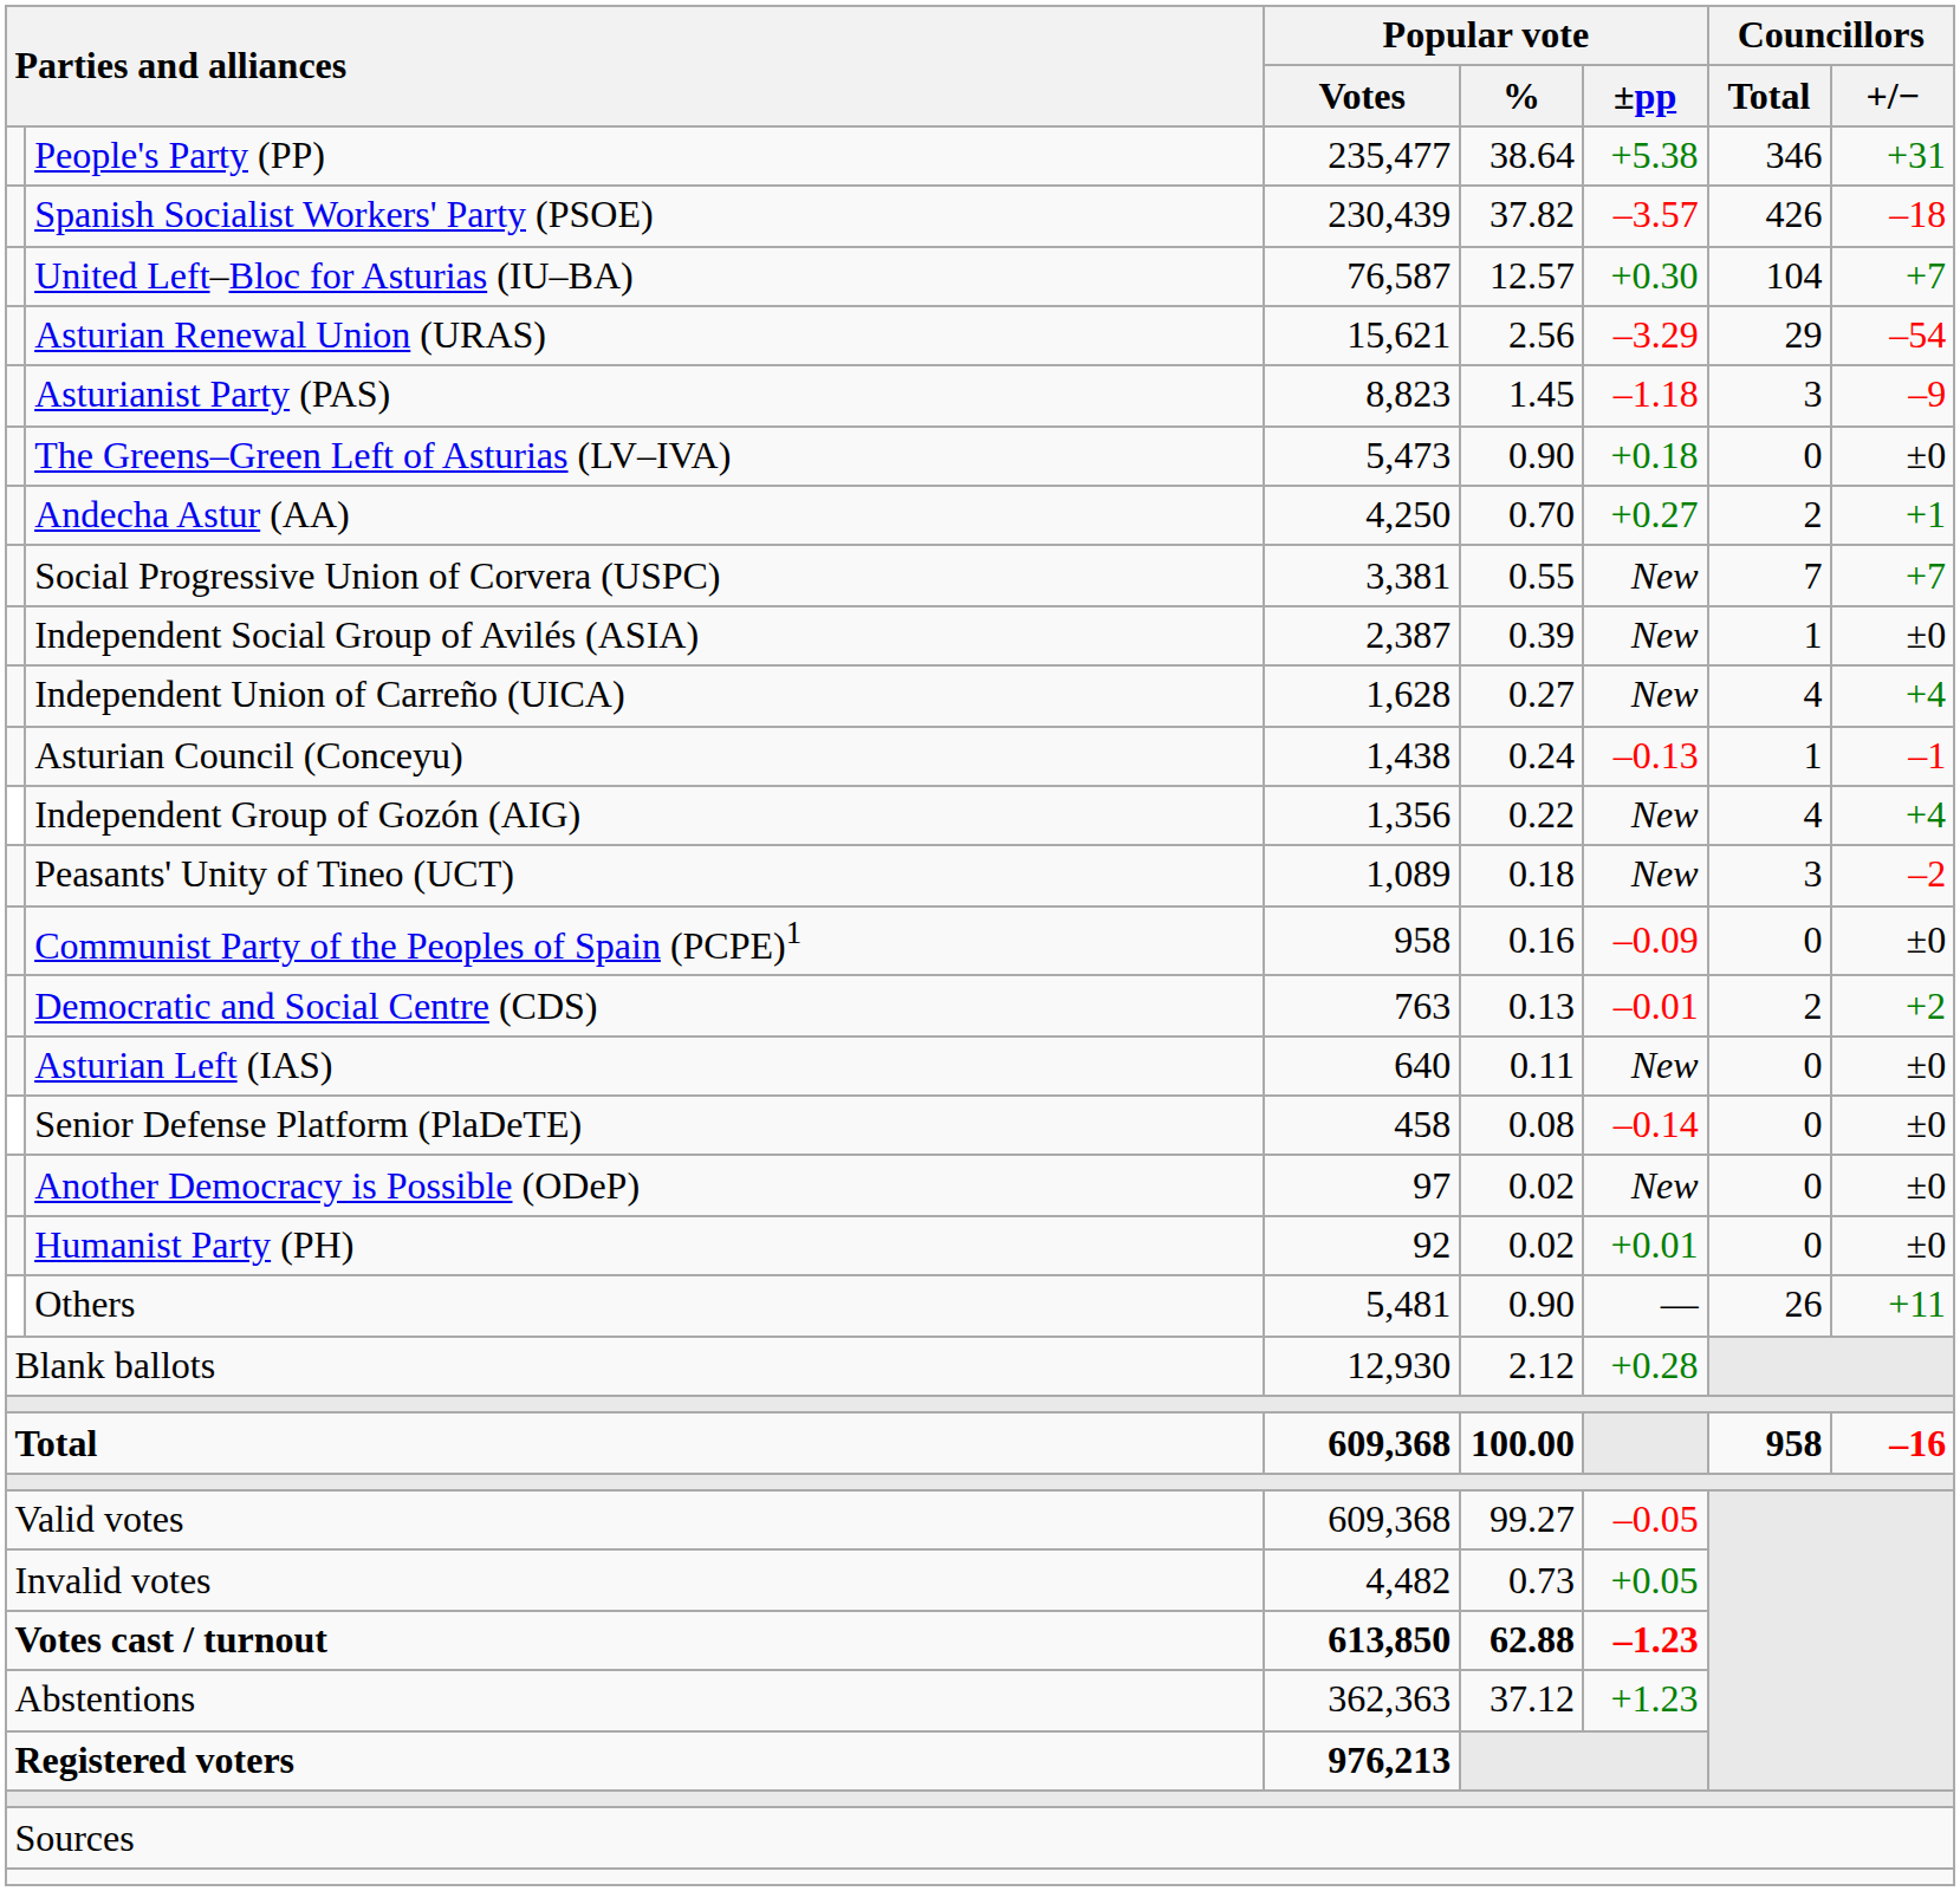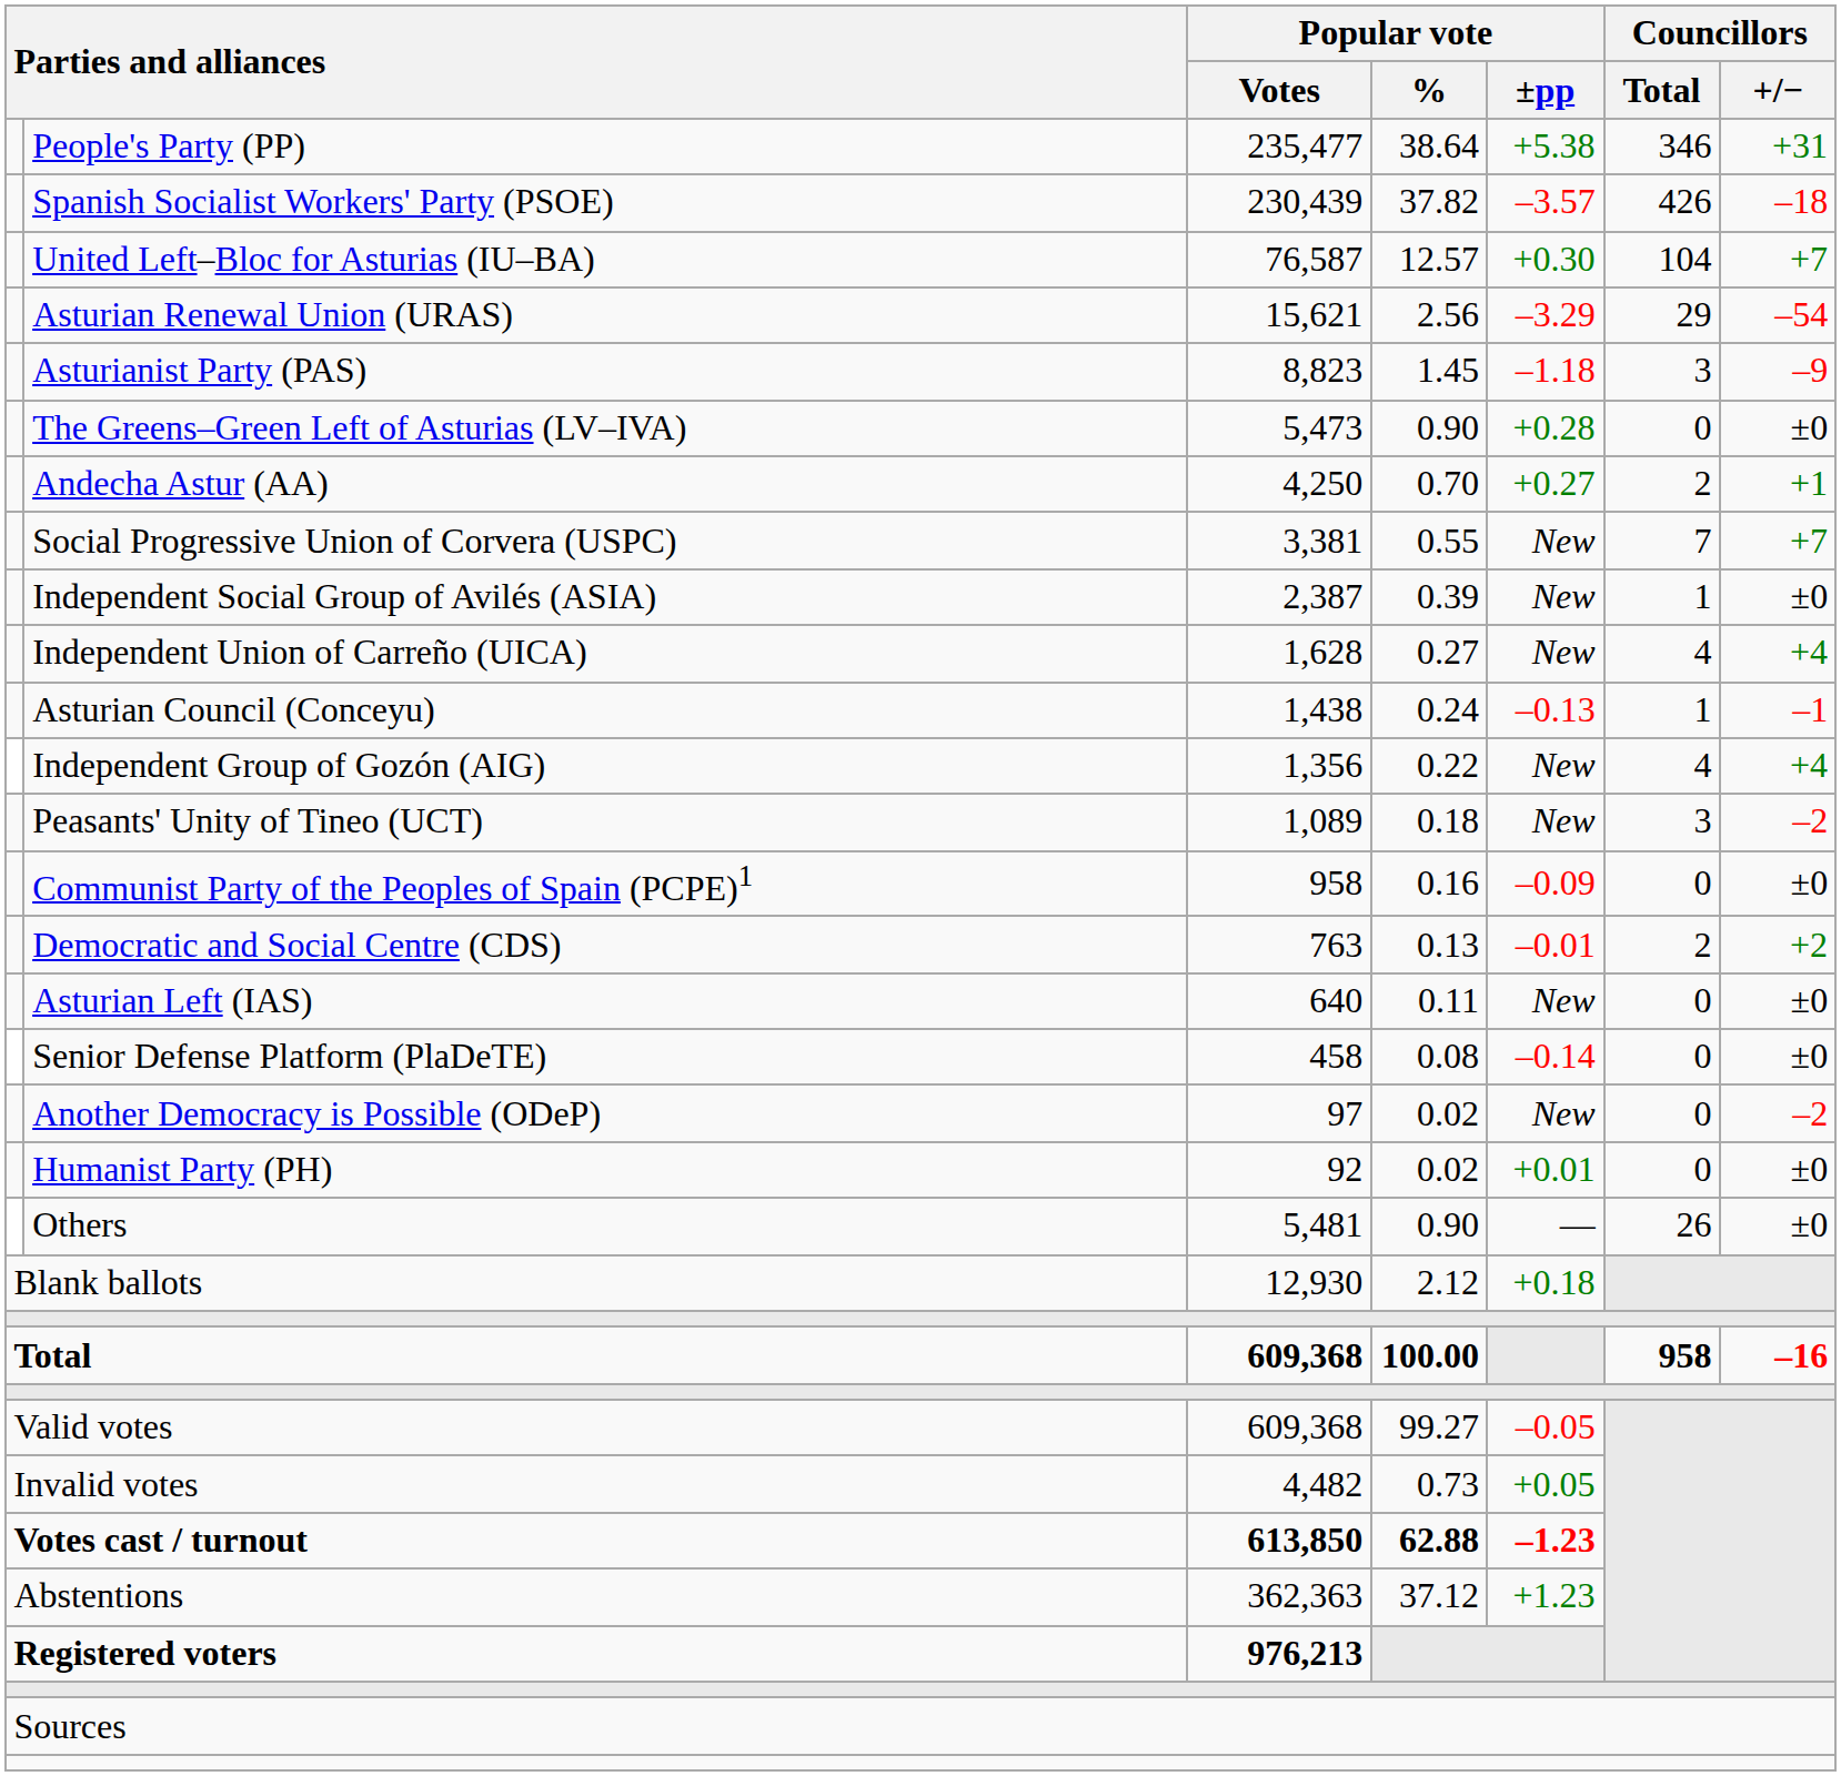 <table class="wikitable" style="text-align:right;">
 <tr>
 <th style="text-align:left;" rowspan="2" colspan="2" width="525">Parties and alliances</th>
 <th colspan="3">Popular vote</th>
 <th colspan="2">Councillors</th>
 </tr>
 <tr>
 <th width="75">Votes</th>
 <th width="45">%</th>
 <th width="45">±<a href='#'>pp</a></th>
 <th width="45">Total</th>
 <th width="45">+/−</th>
 </tr>
 <tr>
 <td width="1" style="color:inherit;background:"></td>
 <td align="left"><a href='#'>People's Party</a> (PP)</td>
 <td>235,477</td>
 <td>38.64</td>
 <td style="color:green;">+5.38</td>
 <td>346</td>
 <td style="color:green;">+31</td>
 </tr>
 <tr>
 <td style="color:inherit;background:"></td>
 <td align="left"><a href='#'>Spanish Socialist Workers' Party</a> (PSOE)</td>
 <td>230,439</td>
 <td>37.82</td>
 <td style="color:red;">–3.57</td>
 <td>426</td>
 <td style="color:red;">–18</td>
 </tr>
 <tr>
 <td style="color:inherit;background:"></td>
 <td align="left"><a href='#'>United Left</a>–<a href='#'>Bloc for Asturias</a> (IU–BA)</td>
 <td>76,587</td>
 <td>12.57</td>
 <td style="color:green;">+0.30</td>
 <td>104</td>
 <td style="color:green;">+7</td>
 </tr>
 <tr>
 <td style="color:inherit;background:"></td>
 <td align="left"><a href='#'>Asturian Renewal Union</a> (URAS)</td>
 <td>15,621</td>
 <td>2.56</td>
 <td style="color:red;">–3.29</td>
 <td>29</td>
 <td style="color:red;">–54</td>
 </tr>
 <tr>
 <td style="color:inherit;background:"></td>
 <td align="left"><a href='#'>Asturianist Party</a> (PAS)</td>
 <td>8,823</td>
 <td>1.45</td>
 <td style="color:red;">–1.18</td>
 <td>3</td>
 <td style="color:red;">–9</td>
 </tr>
 <tr>
 <td style="color:inherit;background:"></td>
 <td align="left"><a href='#'>The Greens–Green Left of Asturias</a> (LV–IVA)</td>
 <td>5,473</td>
 <td>0.90</td>
-<td style="color:green;">+0.18</td>
+<td style="color:green;">+0.28</td>
 <td>0</td>
 <td>±0</td>
 </tr>
 <tr>
 <td style="color:inherit;background:"></td>
 <td align="left"><a href='#'>Andecha Astur</a> (AA)</td>
 <td>4,250</td>
 <td>0.70</td>
 <td style="color:green;">+0.27</td>
 <td>2</td>
 <td style="color:green;">+1</td>
 </tr>
 <tr>
 <td style="color:inherit;background:"></td>
 <td align="left">Social Progressive Union of Corvera (USPC)</td>
 <td>3,381</td>
 <td>0.55</td>
 <td><em>New</em></td>
 <td>7</td>
 <td style="color:green;">+7</td>
 </tr>
 <tr>
 <td style="color:inherit;background:"></td>
 <td align="left">Independent Social Group of Avilés (ASIA)</td>
 <td>2,387</td>
 <td>0.39</td>
 <td><em>New</em></td>
 <td>1</td>
 <td>±0</td>
 </tr>
 <tr>
 <td style="color:inherit;background:"></td>
 <td align="left">Independent Union of Carreño (UICA)</td>
 <td>1,628</td>
 <td>0.27</td>
 <td><em>New</em></td>
 <td>4</td>
 <td style="color:green;">+4</td>
 </tr>
 <tr>
 <td style="color:inherit;background:"></td>
 <td align="left">Asturian Council (Conceyu)</td>
 <td>1,438</td>
 <td>0.24</td>
 <td style="color:red;">–0.13</td>
 <td>1</td>
 <td style="color:red;">–1</td>
 </tr>
 <tr>
 <td bgcolor="white"></td>
 <td align="left">Independent Group of Gozón (AIG)</td>
 <td>1,356</td>
 <td>0.22</td>
 <td><em>New</em></td>
 <td>4</td>
 <td style="color:green;">+4</td>
 </tr>
 <tr>
 <td style="color:inherit;background:"></td>
 <td align="left">Peasants' Unity of Tineo (UCT)</td>
 <td>1,089</td>
 <td>0.18</td>
 <td><em>New</em></td>
 <td>3</td>
 <td style="color:red;">–2</td>
 </tr>
 <tr>
 <td style="color:inherit;background:"></td>
 <td align="left"><a href='#'>Communist Party of the Peoples of Spain</a> (PCPE)<sup>1</sup></td>
 <td>958</td>
 <td>0.16</td>
 <td style="color:red;">–0.09</td>
 <td>0</td>
 <td>±0</td>
 </tr>
 <tr>
 <td style="color:inherit;background:"></td>
 <td align="left"><a href='#'>Democratic and Social Centre</a> (CDS)</td>
 <td>763</td>
 <td>0.13</td>
 <td style="color:red;">–0.01</td>
 <td>2</td>
 <td style="color:green;">+2</td>
 </tr>
 <tr>
 <td style="color:inherit;background:"></td>
 <td align="left"><a href='#'>Asturian Left</a> (IAS)</td>
 <td>640</td>
 <td>0.11</td>
 <td><em>New</em></td>
 <td>0</td>
 <td>±0</td>
 </tr>
 <tr>
 <td bgcolor="white"></td>
 <td align="left">Senior Defense Platform (PlaDeTE)</td>
 <td>458</td>
 <td>0.08</td>
 <td style="color:red;">–0.14</td>
 <td>0</td>
 <td>±0</td>
 </tr>
 <tr>
 <td style="color:inherit;background:"></td>
 <td align="left"><a href='#'>Another Democracy is Possible</a> (ODeP)</td>
 <td>97</td>
 <td>0.02</td>
 <td><em>New</em></td>
 <td>0</td>
-<td>±0</td>
+<td style="color:red;">–2</td>
 </tr>
 <tr>
 <td style="color:inherit;background:"></td>
 <td align="left"><a href='#'>Humanist Party</a> (PH)</td>
 <td>92</td>
 <td>0.02</td>
 <td style="color:green;">+0.01</td>
 <td>0</td>
 <td>±0</td>
 </tr>
 <tr>
 <td bgcolor="white"></td>
 <td align="left">Others</td>
 <td>5,481</td>
 <td>0.90</td>
 <td>—</td>
 <td>26</td>
-<td style="color:green;">+11</td>
+<td>±0</td>
 </tr>
 <tr>
 <td align="left" colspan="2">Blank ballots</td>
 <td>12,930</td>
 <td>2.12</td>
-<td style="color:green;">+0.28</td>
+<td style="color:green;">+0.18</td>
 <td bgcolor="#E9E9E9" colspan="2"></td>
 </tr>
 <tr>
 <td colspan="7" bgcolor="#E9E9E9"></td>
 </tr>
 <tr style="font-weight:bold;">
 <td align="left" colspan="2">Total</td>
 <td>609,368</td>
 <td>100.00</td>
 <td bgcolor="#E9E9E9"></td>
 <td>958</td>
 <td style="color:red;">–16</td>
 </tr>
 <tr>
 <td colspan="7" bgcolor="#E9E9E9"></td>
 </tr>
 <tr>
 <td align="left" colspan="2">Valid votes</td>
 <td>609,368</td>
 <td>99.27</td>
 <td style="color:red;">–0.05</td>
 <td bgcolor="#E9E9E9" colspan="2" rowspan="5"></td>
 </tr>
 <tr>
 <td align="left" colspan="2">Invalid votes</td>
 <td>4,482</td>
 <td>0.73</td>
 <td style="color:green;">+0.05</td>
 </tr>
 <tr style="font-weight:bold;">
 <td align="left" colspan="2">Votes cast / turnout</td>
 <td>613,850</td>
 <td>62.88</td>
 <td style="color:red;">–1.23</td>
 </tr>
 <tr>
 <td align="left" colspan="2">Abstentions</td>
 <td>362,363</td>
 <td>37.12</td>
 <td style="color:green;">+1.23</td>
 </tr>
 <tr style="font-weight:bold;">
 <td align="left" colspan="2">Registered voters</td>
 <td>976,213</td>
 <td bgcolor="#E9E9E9" colspan="2"></td>
 </tr>
 <tr>
 <td colspan="7" bgcolor="#E9E9E9"></td>
 </tr>
 <tr>
 <td align="left" colspan="7">Sources</td>
 </tr>
 <tr>
 <td colspan="7" style="text-align:left; max-width:790px;"></td>
 </tr>
 </table>
